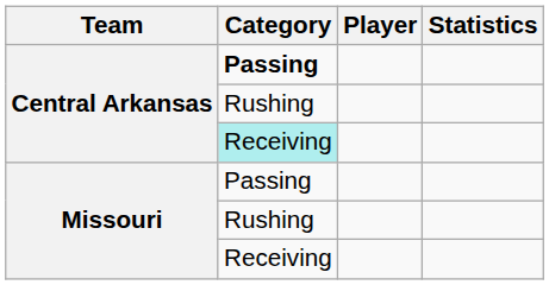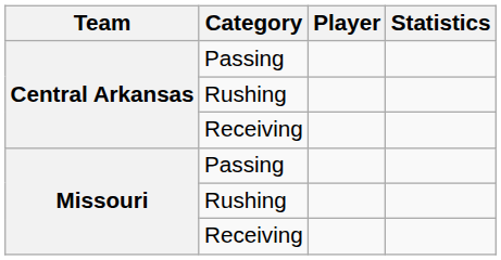 <table class="wikitable" style="float:right">
 <tr>
 <th>Team</th>
 <th>Category</th>
 <th>Player</th>
 <th>Statistics</th>
 </tr>
 <tr>
 <th rowspan=3>Central Arkansas</th>
-<td><strong>Passing</strong></td>
+<td>Passing</td>
 <td></td>
 <td></td>
 </tr>
 <tr>
 <td>Rushing</td>
 <td></td>
 <td></td>
 </tr>
 <tr>
-<td style="background: paleturquoise;">Receiving</td>
+<td>Receiving</td>
 <td></td>
 <td></td>
 </tr>
 <tr>
 <th rowspan=3>Missouri</th>
 <td>Passing</td>
 <td></td>
 <td></td>
 </tr>
 <tr>
 <td>Rushing</td>
 <td></td>
 <td></td>
 </tr>
 <tr>
 <td>Receiving</td>
 <td></td>
 <td></td>
 </tr>
 </table>
